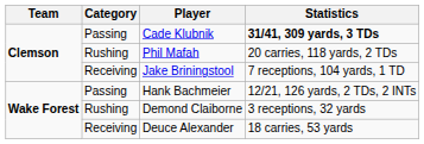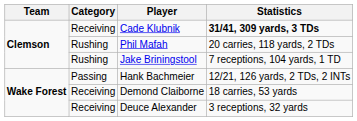 <table class="wikitable" style="float: right;">
 <tr>
 <th>Team</th>
 <th>Category</th>
 <th>Player</th>
 <th>Statistics</th>
 </tr>
 <tr>
 <td rowspan=3><strong>Clemson</strong></td>
-<td>Passing</td>
+<td>Receiving</td>
 <td><a href='#'>Cade Klubnik</a></td>
 <td><strong>31/41, 309 yards, 3 TDs</strong></td>
 </tr>
 <tr>
 <td>Rushing</td>
 <td><a href='#'>Phil Mafah</a></td>
 <td>20 carries, 118 yards, 2 TDs</td>
 </tr>
 <tr>
-<td>Receiving</td>
+<td>Rushing</td>
 <td><a href='#'>Jake Briningstool</a></td>
 <td>7 receptions, 104 yards, 1 TD</td>
 </tr>
 <tr>
 <td rowspan=3><strong>Wake Forest</strong></td>
 <td>Passing</td>
 <td>Hank Bachmeier</td>
 <td>12/21, 126 yards, 2 TDs, 2 INTs</td>
 </tr>
 <tr>
-<td>Rushing</td>
+<td>Receiving</td>
 <td>Demond Claiborne</td>
-<td>3 receptions, 32 yards</td>
+<td>18 carries, 53 yards</td>
 </tr>
 <tr>
 <td>Receiving</td>
 <td>Deuce Alexander</td>
-<td>18 carries, 53 yards</td>
+<td>3 receptions, 32 yards</td>
 </tr>
 </table>
